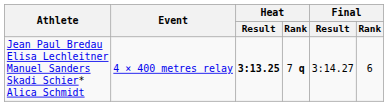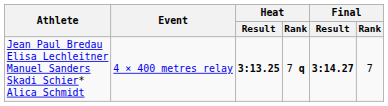 <table class="wikitable" style="font-size:90%">
 <tr>
 <th rowspan="2">Athlete</th>
 <th rowspan="2">Event</th>
 <th colspan="2">Heat</th>
 <th colspan="2">Final</th>
 </tr>
 <tr style="font-size:95%">
 <th>Result</th>
 <th>Rank</th>
 <th>Result</th>
 <th>Rank</th>
 </tr>
 <tr align=center>
 <td align=left><a href='#'>Jean Paul Bredau</a><br><a href='#'>Elisa Lechleitner</a><br><a href='#'>Manuel Sanders</a><br><a href='#'>Skadi Schier</a>*<br><a href='#'>Alica Schmidt</a></td>
 <td align=left><a href='#'>4 × 400 metres relay</a></td>
 <td><strong>3:13.25 </strong></td>
 <td>7 <strong>q</strong></td>
-<td>3:14.27</td>
-<td>6</td>
+<td><strong>3:14.27</strong></td>
+<td>7</td>
 </tr>
 </table>
